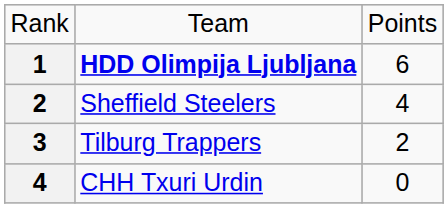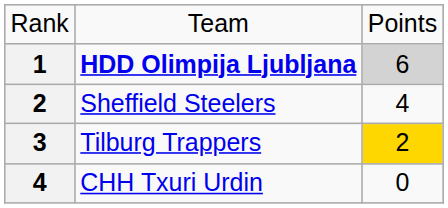 <table class="wikitable" style="text-align: center;">
 <tr>
 <td>Rank</td>
 <td>Team</td>
 <td>Points</td>
 </tr>
 <tr>
 <th>1</th>
 <td style="text-align: left;"> <strong><a href='#'>HDD Olimpija Ljubljana</a></strong></td>
-<td>6</td>
+<td style="background: lightgrey;">6</td>
 </tr>
 <tr>
 <th>2</th>
 <td style="text-align: left;"> <a href='#'>Sheffield Steelers</a></td>
 <td>4</td>
 </tr>
 <tr>
 <th>3</th>
 <td style="text-align: left;"> <a href='#'>Tilburg Trappers</a></td>
-<td>2</td>
+<td style="background: gold;">2</td>
 </tr>
 <tr>
 <th>4</th>
 <td style="text-align: left;"> <a href='#'>CHH Txuri Urdin</a></td>
 <td>0</td>
 </tr>
 </table>
